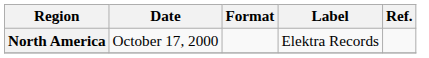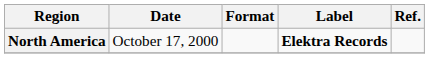 <table class="wikitable plainrowheaders">
 <tr>
 <th scope="col">Region</th>
 <th scope="col">Date</th>
 <th scope="col">Format</th>
 <th scope="col">Label</th>
 <th scope="col">Ref.</th>
 </tr>
 <tr>
 <th scope="row">North America</th>
 <td>October 17, 2000</td>
 <td></td>
-<td>Elektra Records</td>
+<td><strong>Elektra Records</strong></td>
 <td></td>
 </tr>
 <tr>
 </tr>
 </table>
